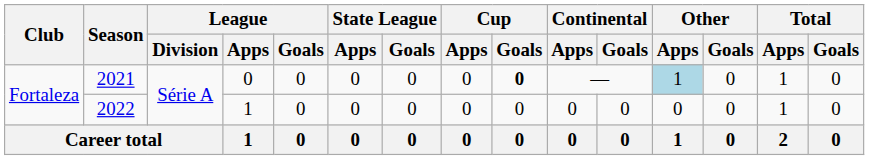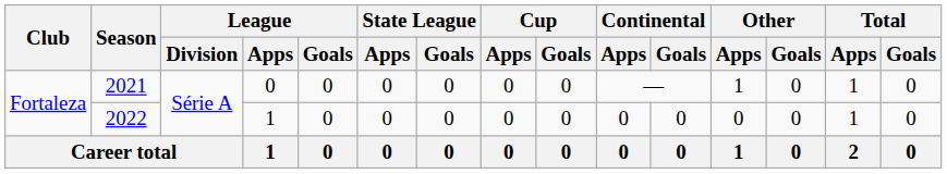 <table class="wikitable" style="text-align: center">
 <tr>
 <th rowspan="2">Club</th>
 <th rowspan="2">Season</th>
 <th colspan="3">League</th>
 <th colspan="2">State League</th>
 <th colspan="2">Cup</th>
 <th colspan="2">Continental</th>
 <th colspan="2">Other</th>
 <th colspan="2">Total</th>
 </tr>
 <tr>
 <th>Division</th>
 <th>Apps</th>
 <th>Goals</th>
 <th>Apps</th>
 <th>Goals</th>
 <th>Apps</th>
 <th>Goals</th>
 <th>Apps</th>
 <th>Goals</th>
 <th>Apps</th>
 <th>Goals</th>
 <th>Apps</th>
 <th>Goals</th>
 </tr>
 <tr>
 <td rowspan="2"><a href='#'>Fortaleza</a></td>
 <td><a href='#'>2021</a></td>
 <td rowspan="2"><a href='#'>Série A</a></td>
 <td>0</td>
 <td>0</td>
 <td>0</td>
 <td>0</td>
 <td>0</td>
-<td><strong>0</strong></td>
+<td>0</td>
 <td colspan="2">—</td>
-<td style="background: lightblue;">1</td>
+<td>1</td>
 <td>0</td>
 <td>1</td>
 <td>0</td>
 </tr>
 <tr>
 <td><a href='#'>2022</a></td>
 <td>1</td>
 <td>0</td>
 <td>0</td>
 <td>0</td>
 <td>0</td>
 <td>0</td>
 <td>0</td>
 <td>0</td>
 <td>0</td>
 <td>0</td>
 <td>1</td>
 <td>0</td>
 </tr>
 <tr>
 <th colspan="3">Career total</th>
 <th>1</th>
 <th>0</th>
 <th>0</th>
 <th>0</th>
 <th>0</th>
 <th>0</th>
 <th>0</th>
 <th>0</th>
 <th>1</th>
 <th>0</th>
 <th>2</th>
 <th>0</th>
 </tr>
 </table>
